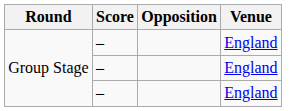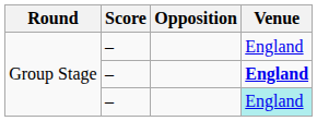 <table class="wikitable">
 <tr>
 <th>Round</th>
 <th>Score</th>
 <th>Opposition</th>
 <th>Venue</th>
 </tr>
 <tr>
 <td rowspan="3">Group Stage</td>
 <td>–</td>
 <td></td>
 <td><a href='#'>England</a></td>
 </tr>
 <tr>
 <td>–</td>
 <td></td>
-<td><a href='#'>England</a></td>
+<td><strong><a href='#'>England</a></strong></td>
 </tr>
 <tr>
 <td>–</td>
 <td></td>
-<td><a href='#'>England</a></td>
+<td style="background: paleturquoise;"><a href='#'>England</a></td>
 </tr>
 </table>
